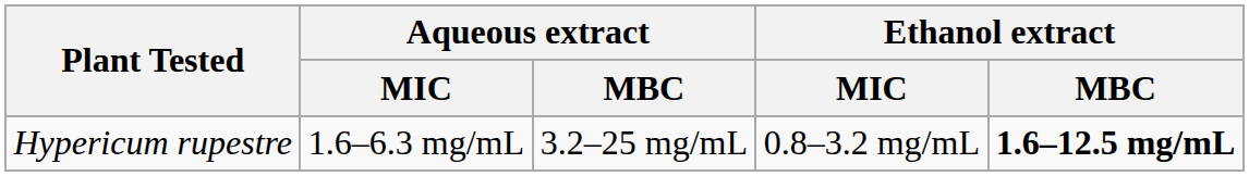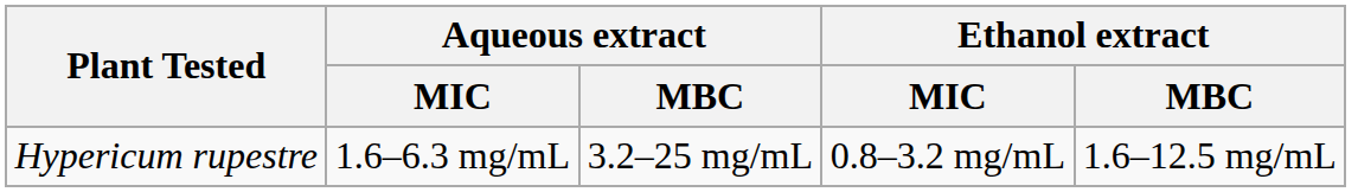 <table class="wikitable">
 <tr>
 <th rowspan="2">Plant Tested</th>
 <th colspan="2">Aqueous extract</th>
 <th colspan="2">Ethanol extract</th>
 </tr>
 <tr>
 <th>MIC</th>
 <th>MBC</th>
 <th>MIC</th>
 <th>MBC</th>
 </tr>
 <tr>
 <td><em>Hypericum rupestre</em></td>
 <td>1.6–6.3 mg/mL</td>
 <td>3.2–25 mg/mL</td>
 <td>0.8–3.2 mg/mL</td>
-<td><strong>1.6–12.5 mg/mL</strong></td>
+<td>1.6–12.5 mg/mL</td>
 </tr>
 </table>
